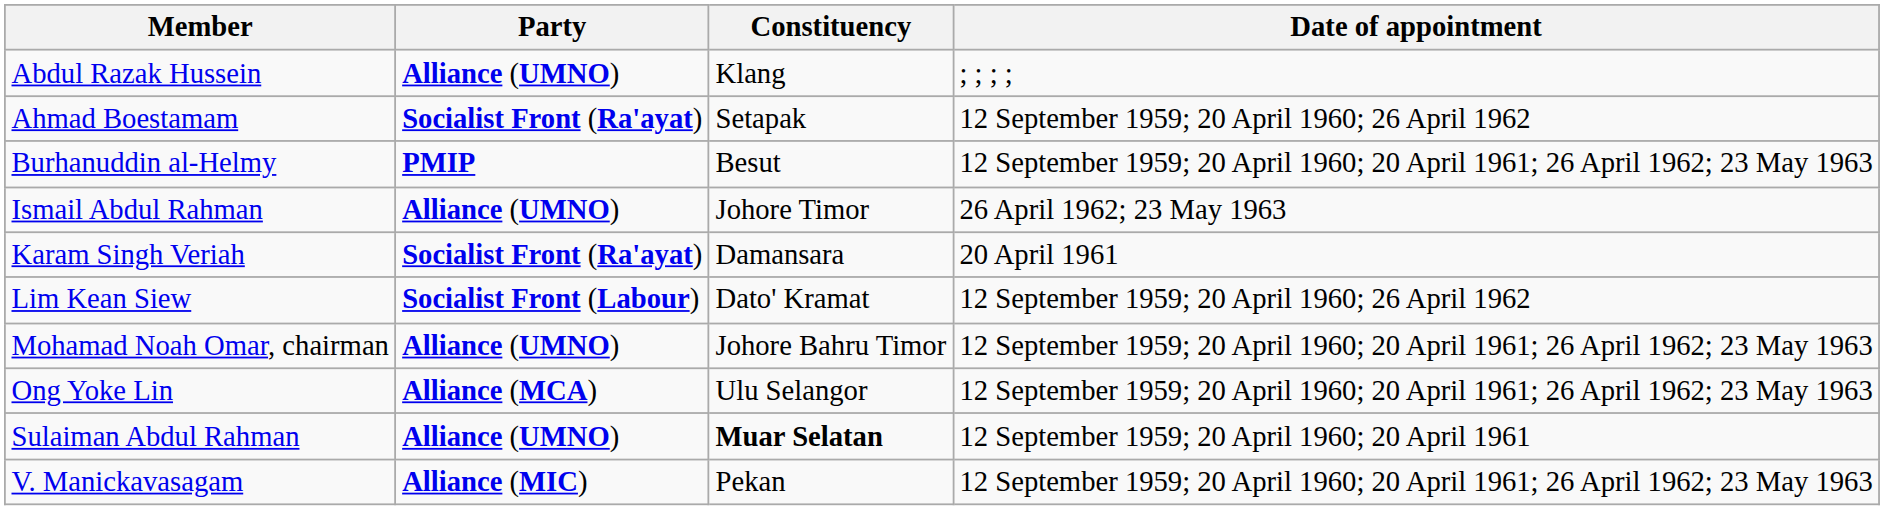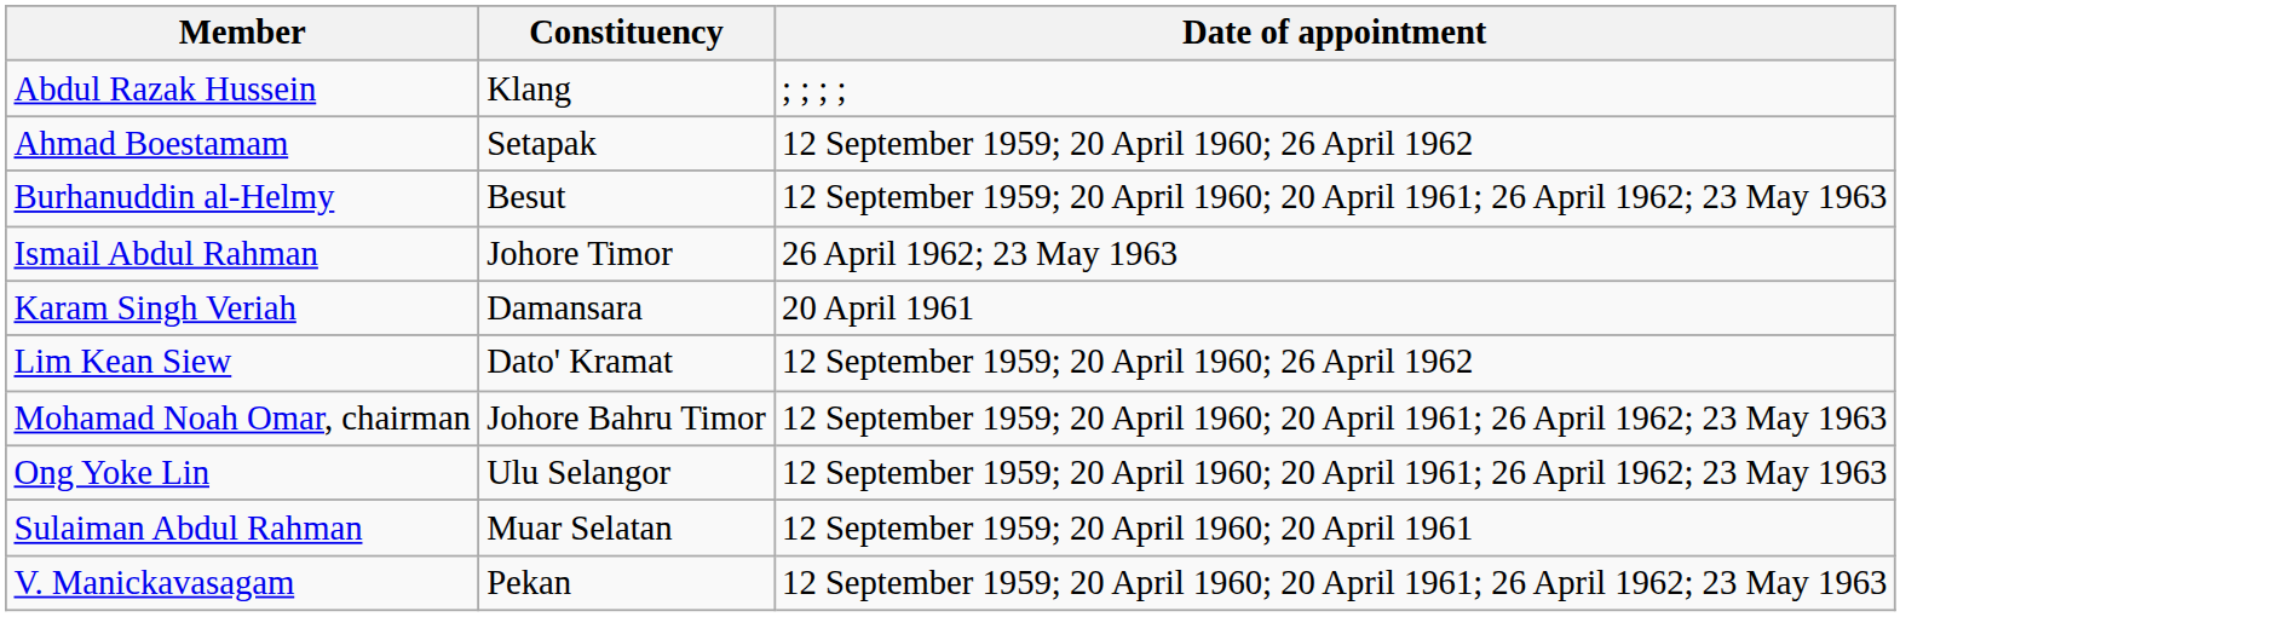 <table class=wikitable>
 <tr>
 <th>Member</th>
-<th>Party</th>
 <th>Constituency</th>
 <th>Date of appointment</th>
 </tr>
 <tr>
 <td><a href='#'>Abdul Razak Hussein</a></td>
-<td><strong><a href='#'>Alliance</a></strong> (<strong><a href='#'>UMNO</a></strong>)</td>
 <td>Klang</td>
 <td>; ; ; ; </td>
 </tr>
 <tr>
 <td><a href='#'>Ahmad Boestamam</a></td>
-<td><strong><a href='#'>Socialist Front</a></strong> (<strong><a href='#'>Ra'ayat</a></strong>)</td>
 <td>Setapak</td>
 <td>12 September 1959; 20 April 1960; 26 April 1962</td>
 </tr>
 <tr>
 <td><a href='#'>Burhanuddin al-Helmy</a></td>
-<td><strong><a href='#'>PMIP</a></strong></td>
 <td>Besut</td>
 <td>12 September 1959; 20 April 1960; 20 April 1961; 26 April 1962; 23 May 1963</td>
 </tr>
 <tr>
 <td><a href='#'>Ismail Abdul Rahman</a></td>
-<td><strong><a href='#'>Alliance</a></strong> (<strong><a href='#'>UMNO</a></strong>)</td>
 <td>Johore Timor</td>
 <td>26 April 1962; 23 May 1963</td>
 </tr>
 <tr>
 <td><a href='#'>Karam Singh Veriah</a></td>
-<td><strong><a href='#'>Socialist Front</a></strong> (<strong><a href='#'>Ra'ayat</a></strong>)</td>
 <td>Damansara</td>
 <td>20 April 1961</td>
 </tr>
 <tr>
 <td><a href='#'>Lim Kean Siew</a></td>
-<td><strong><a href='#'>Socialist Front</a></strong> (<strong><a href='#'>Labour</a></strong>)</td>
 <td>Dato' Kramat</td>
 <td>12 September 1959; 20 April 1960; 26 April 1962</td>
 </tr>
 <tr>
 <td><a href='#'>Mohamad Noah Omar</a>, chairman</td>
-<td><strong><a href='#'>Alliance</a></strong> (<strong><a href='#'>UMNO</a></strong>)</td>
 <td>Johore Bahru Timor</td>
 <td>12 September 1959; 20 April 1960; 20 April 1961; 26 April 1962; 23 May 1963</td>
 </tr>
 <tr>
 <td><a href='#'>Ong Yoke Lin</a></td>
-<td><strong><a href='#'>Alliance</a></strong> (<strong><a href='#'>MCA</a></strong>)</td>
 <td>Ulu Selangor</td>
 <td>12 September 1959; 20 April 1960; 20 April 1961; 26 April 1962; 23 May 1963</td>
 </tr>
 <tr>
 <td><a href='#'>Sulaiman Abdul Rahman</a></td>
-<td><strong><a href='#'>Alliance</a></strong> (<strong><a href='#'>UMNO</a></strong>)</td>
-<td><strong>Muar Selatan</strong></td>
+<td>Muar Selatan</td>
 <td>12 September 1959; 20 April 1960; 20 April 1961</td>
 </tr>
 <tr>
 <td><a href='#'>V. Manickavasagam</a></td>
-<td><strong><a href='#'>Alliance</a></strong> (<strong><a href='#'>MIC</a></strong>)</td>
 <td>Pekan</td>
 <td>12 September 1959; 20 April 1960; 20 April 1961; 26 April 1962; 23 May 1963</td>
 </tr>
 </table>
